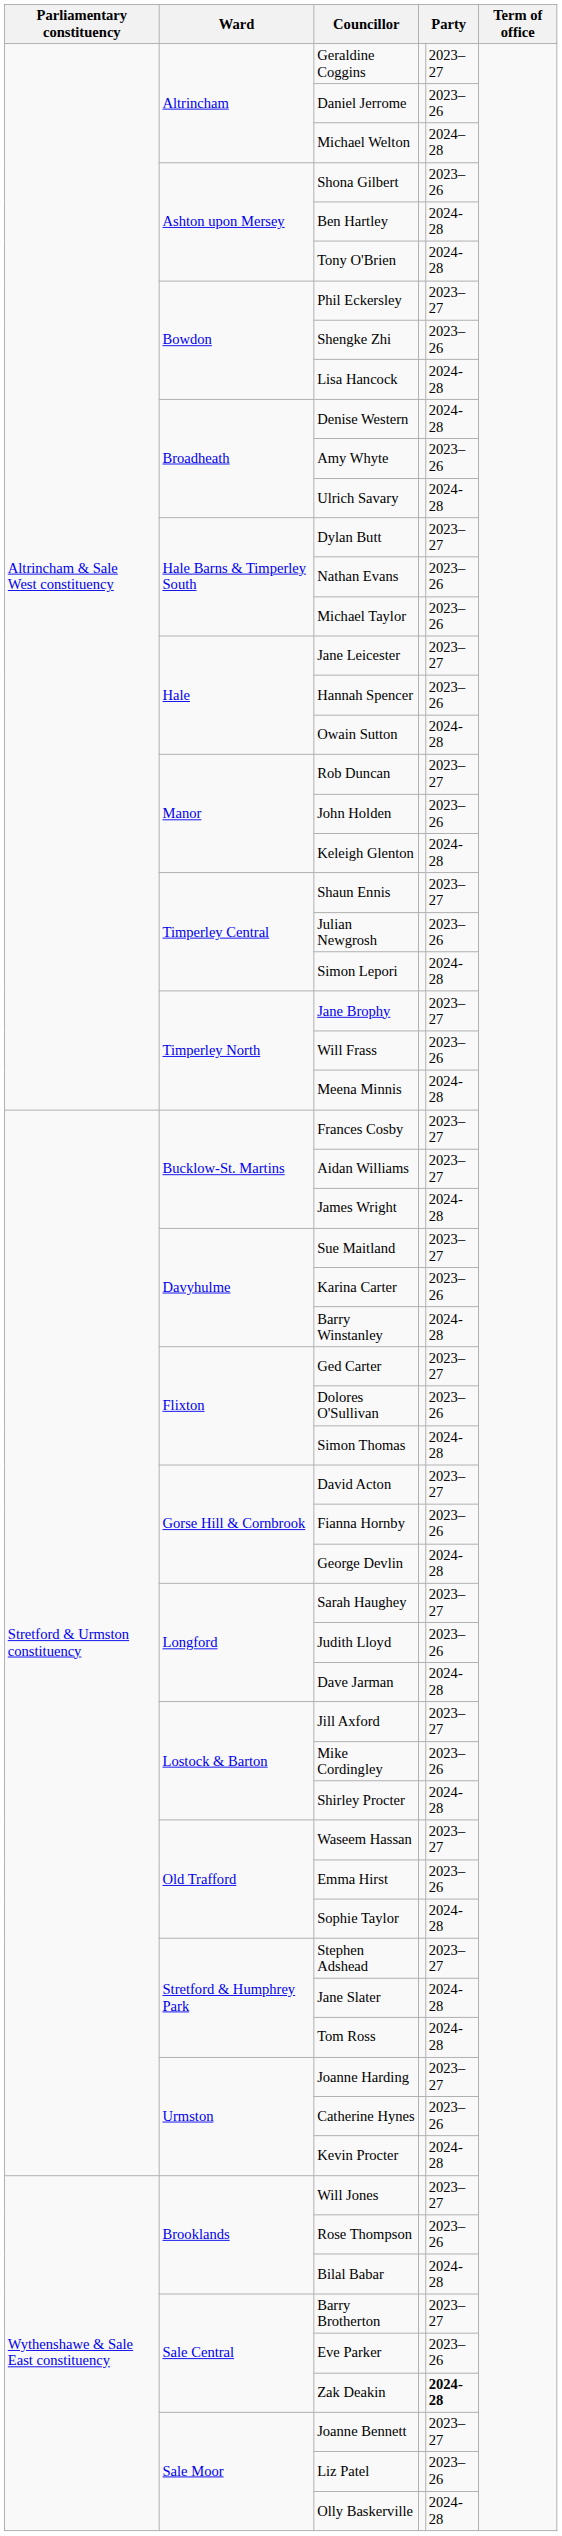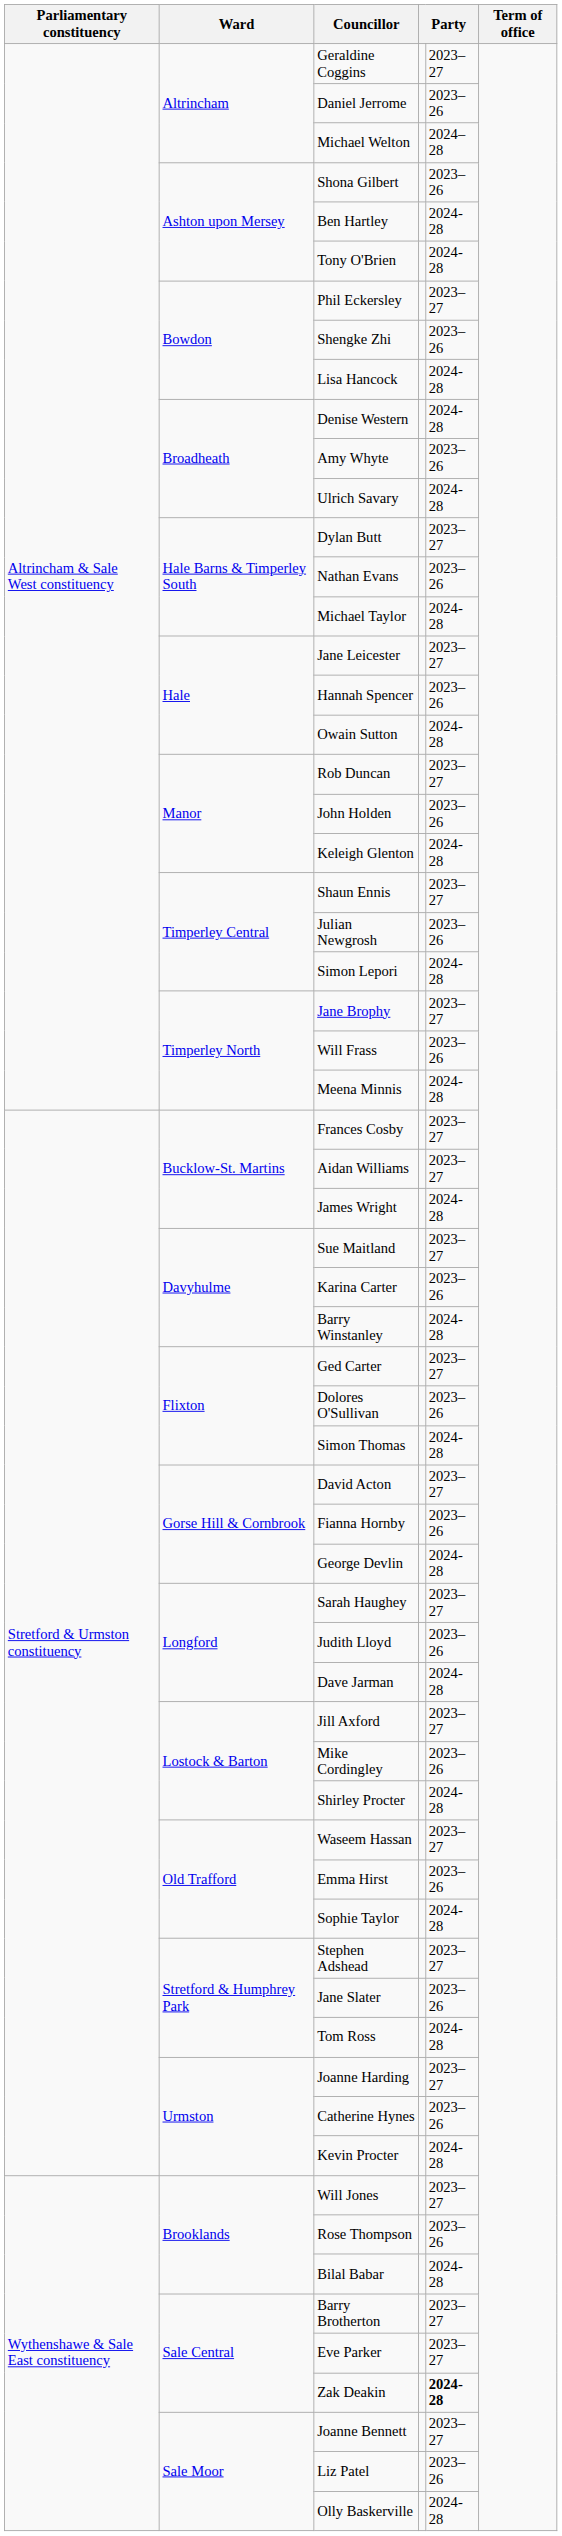 <table class="wikitable">
 <tr>
 <th>Parliamentary constituency</th>
 <th>Ward</th>
 <th>Councillor</th>
 <th colspan=2>Party</th>
 <th>Term of office</th>
 </tr>
 <tr>
 <td rowspan=27><a href='#'>Altrincham & Sale<br>West constituency</a></td>
 <td rowspan="3"><a href='#'>Altrincham</a></td>
 <td>Geraldine Coggins</td>
 <td></td>
 <td>2023–27</td>
 </tr>
 <tr>
 <td>Daniel Jerrome</td>
 <td></td>
 <td>2023–26</td>
 </tr>
 <tr>
 <td>Michael Welton</td>
 <td></td>
 <td>2024–28</td>
 </tr>
 <tr>
 <td rowspan="3"><a href='#'>Ashton upon Mersey</a></td>
 <td>Shona Gilbert</td>
 <td></td>
 <td>2023–26</td>
 </tr>
 <tr>
 <td>Ben Hartley</td>
 <td></td>
 <td>2024-28</td>
 </tr>
 <tr>
 <td>Tony O'Brien</td>
 <td></td>
 <td>2024-28</td>
 </tr>
 <tr>
 <td rowspan="3"><a href='#'>Bowdon</a></td>
 <td>Phil Eckersley</td>
 <td></td>
 <td>2023–27</td>
 </tr>
 <tr>
 <td>Shengke Zhi</td>
 <td></td>
 <td>2023–26</td>
 </tr>
 <tr>
 <td>Lisa Hancock</td>
 <td></td>
 <td>2024-28</td>
 </tr>
 <tr>
 <td rowspan="3"><a href='#'>Broadheath</a></td>
 <td>Denise Western</td>
 <td></td>
 <td>2024-28</td>
 </tr>
 <tr>
 <td>Amy Whyte</td>
 <td></td>
 <td>2023–26</td>
 </tr>
 <tr>
 <td>Ulrich Savary</td>
 <td></td>
 <td>2024-28</td>
 </tr>
 <tr>
 <td rowspan="3"><a href='#'>Hale Barns & Timperley South</a></td>
 <td>Dylan Butt</td>
 <td></td>
 <td>2023–27</td>
 </tr>
 <tr>
 <td>Nathan Evans</td>
 <td></td>
 <td>2023–26</td>
 </tr>
 <tr>
 <td>Michael Taylor</td>
 <td></td>
-<td>2023–26</td>
+<td>2024-28</td>
 </tr>
 <tr>
 <td rowspan="3"><a href='#'>Hale</a></td>
 <td>Jane Leicester</td>
 <td></td>
 <td>2023–27</td>
 </tr>
 <tr>
 <td>Hannah Spencer</td>
 <td></td>
 <td>2023–26</td>
 </tr>
 <tr>
 <td>Owain Sutton</td>
 <td></td>
 <td>2024-28</td>
 </tr>
 <tr>
 <td rowspan="3"><a href='#'>Manor</a></td>
 <td>Rob Duncan</td>
 <td></td>
 <td>2023–27</td>
 </tr>
 <tr>
 <td>John Holden</td>
 <td></td>
 <td>2023–26</td>
 </tr>
 <tr>
 <td>Keleigh Glenton</td>
 <td></td>
 <td>2024-28</td>
 </tr>
 <tr>
 <td rowspan="3"><a href='#'>Timperley Central</a></td>
 <td>Shaun Ennis</td>
 <td></td>
 <td>2023–27</td>
 </tr>
 <tr>
 <td>Julian Newgrosh</td>
 <td></td>
 <td>2023–26</td>
 </tr>
 <tr>
 <td>Simon Lepori</td>
 <td></td>
 <td>2024-28</td>
 </tr>
 <tr>
 <td rowspan="3"><a href='#'>Timperley North</a></td>
 <td><a href='#'>Jane Brophy</a></td>
 <td></td>
 <td>2023–27</td>
 </tr>
 <tr>
 <td>Will Frass</td>
 <td></td>
 <td>2023–26</td>
 </tr>
 <tr>
 <td>Meena Minnis</td>
 <td></td>
 <td>2024-28</td>
 </tr>
 <tr>
 <td rowspan=27><a href='#'>Stretford & Urmston<br> constituency</a></td>
 <td rowspan="3"><a href='#'>Bucklow-St. Martins</a></td>
 <td>Frances Cosby</td>
 <td></td>
 <td>2023–27</td>
 </tr>
 <tr>
 <td>Aidan Williams</td>
 <td></td>
 <td>2023–27</td>
 </tr>
 <tr>
 <td>James Wright</td>
 <td></td>
 <td>2024-28</td>
 </tr>
 <tr>
 <td rowspan="3"><a href='#'>Davyhulme</a></td>
 <td>Sue Maitland</td>
 <td></td>
 <td>2023–27</td>
 </tr>
 <tr>
 <td>Karina Carter</td>
 <td></td>
 <td>2023–26</td>
 </tr>
 <tr>
 <td>Barry Winstanley</td>
 <td></td>
 <td>2024-28</td>
 </tr>
 <tr>
 <td rowspan="3"><a href='#'>Flixton</a></td>
 <td>Ged Carter</td>
 <td></td>
 <td>2023–27</td>
 </tr>
 <tr>
 <td>Dolores O'Sullivan</td>
 <td></td>
 <td>2023–26</td>
 </tr>
 <tr>
 <td>Simon Thomas</td>
 <td></td>
 <td>2024-28</td>
 </tr>
 <tr>
 <td rowspan="3"><a href='#'>Gorse Hill & Cornbrook</a></td>
 <td>David Acton</td>
 <td></td>
 <td>2023–27</td>
 </tr>
 <tr>
 <td>Fianna Hornby</td>
 <td></td>
 <td>2023–26</td>
 </tr>
 <tr>
 <td>George Devlin</td>
 <td></td>
 <td>2024-28</td>
 </tr>
 <tr>
 <td rowspan="3"><a href='#'>Longford</a></td>
 <td>Sarah Haughey</td>
 <td></td>
 <td>2023–27</td>
 </tr>
 <tr>
 <td>Judith Lloyd</td>
 <td></td>
 <td>2023–26</td>
 </tr>
 <tr>
 <td>Dave Jarman</td>
 <td></td>
 <td>2024-28</td>
 </tr>
 <tr>
 <td rowspan="3"><a href='#'>Lostock & Barton</a></td>
 <td>Jill Axford</td>
 <td></td>
 <td>2023–27</td>
 </tr>
 <tr>
 <td>Mike Cordingley</td>
 <td></td>
 <td>2023–26</td>
 </tr>
 <tr>
 <td>Shirley Procter</td>
 <td></td>
 <td>2024-28</td>
 </tr>
 <tr>
 <td rowspan="3"><a href='#'>Old Trafford</a></td>
 <td>Waseem Hassan</td>
 <td></td>
 <td>2023–27</td>
 </tr>
 <tr>
 <td>Emma Hirst</td>
 <td></td>
 <td>2023–26</td>
 </tr>
 <tr>
 <td>Sophie Taylor</td>
 <td></td>
 <td>2024-28</td>
 </tr>
 <tr>
 <td rowspan="3"><a href='#'>Stretford & Humphrey Park</a></td>
 <td>Stephen Adshead</td>
 <td></td>
 <td>2023–27</td>
 </tr>
 <tr>
 <td>Jane Slater</td>
 <td></td>
-<td>2024-28</td>
+<td>2023–26</td>
 </tr>
 <tr>
 <td>Tom Ross</td>
 <td></td>
 <td>2024-28</td>
 </tr>
 <tr>
 <td rowspan="3"><a href='#'>Urmston</a></td>
 <td>Joanne Harding</td>
 <td></td>
 <td>2023–27</td>
 </tr>
 <tr>
 <td>Catherine Hynes</td>
 <td></td>
 <td>2023–26</td>
 </tr>
 <tr>
 <td>Kevin Procter</td>
 <td></td>
 <td>2024-28</td>
 </tr>
 <tr>
 <td rowspan=9><a href='#'>Wythenshawe & Sale<br>East constituency</a></td>
 <td rowspan="3"><a href='#'>Brooklands</a></td>
 <td>Will Jones</td>
 <td></td>
 <td>2023–27</td>
 </tr>
 <tr>
 <td>Rose Thompson</td>
 <td></td>
 <td>2023–26</td>
 </tr>
 <tr>
 <td>Bilal Babar</td>
 <td></td>
 <td>2024-28</td>
 </tr>
 <tr>
 <td rowspan="3"><a href='#'>Sale Central</a></td>
 <td>Barry Brotherton</td>
 <td></td>
 <td>2023–27</td>
 </tr>
 <tr>
 <td>Eve Parker</td>
 <td></td>
-<td>2023–26</td>
+<td>2023–27</td>
 </tr>
 <tr>
 <td>Zak Deakin</td>
 <td></td>
 <td><strong>2024-28</strong></td>
 </tr>
 <tr>
 <td rowspan="3"><a href='#'>Sale Moor</a></td>
 <td>Joanne Bennett</td>
 <td></td>
 <td>2023–27</td>
 </tr>
 <tr>
 <td>Liz Patel</td>
 <td></td>
 <td>2023–26</td>
 </tr>
 <tr>
 <td>Olly Baskerville</td>
 <td></td>
 <td>2024-28</td>
 </tr>
 </table>
